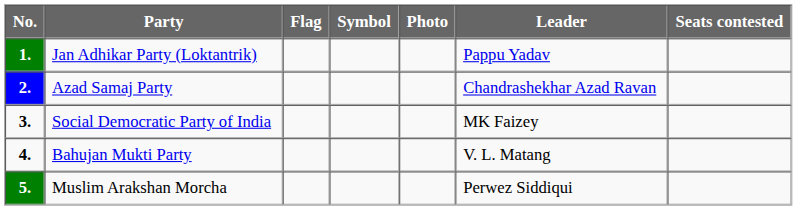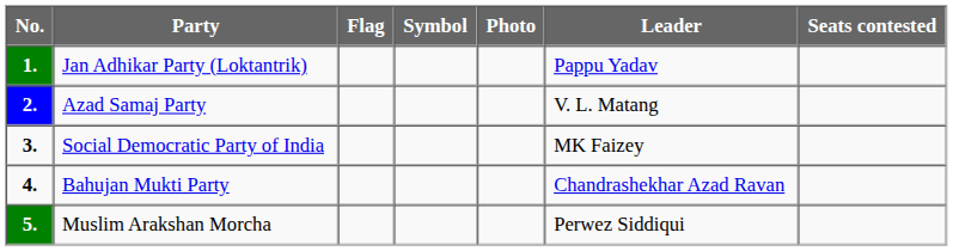 <table class="sortable" width="60%" border="2" cellpadding="6" cellspacing="0" style="margin: 1em 1em 1em 0; background: #f9f9f9; border: 1px #aaa solid;">
 <tr>
 <th style="background-color:#666666; color:white">No.</th>
 <th style="background-color:#666666; color:white">Party</th>
 <th style="background-color:#666666; color:white">Flag</th>
 <th style="background-color:#666666; color:white">Symbol</th>
 <th style="background-color:#666666; color:white">Photo</th>
 <th style="background-color:#666666; color:white">Leader</th>
 <th style="background-color:#666666; color:white">Seats contested</th>
 </tr>
 <tr>
 <td ! style="text-align:center; background:#008000;color:white"><strong>1.</strong></td>
 <td><a href='#'>Jan Adhikar Party (Loktantrik)</a></td>
 <td></td>
 <td></td>
 <td></td>
 <td><a href='#'>Pappu Yadav</a></td>
 <td></td>
 </tr>
 <tr>
 <td ! style="text-align:center; background:Blue;color:white"><strong>2.</strong></td>
 <td><a href='#'>Azad Samaj Party</a></td>
 <td></td>
 <td></td>
 <td></td>
-<td><a href='#'>Chandrashekhar Azad Ravan</a></td>
+<td>V. L. Matang</td>
 <td></td>
 </tr>
 <tr>
 <td ! style="text-align:center; background:"><strong>3.</strong></td>
 <td><a href='#'>Social Democratic Party of India</a></td>
 <td></td>
 <td></td>
 <td></td>
 <td>MK Faizey</td>
 <td></td>
 </tr>
 <tr>
 <td ! style="text-align:center; background:"><strong>4.</strong></td>
 <td><a href='#'>Bahujan Mukti Party</a></td>
 <td></td>
 <td></td>
 <td></td>
-<td>V. L. Matang</td>
+<td><a href='#'>Chandrashekhar Azad Ravan</a></td>
 <td></td>
 </tr>
 <tr>
 <td ! style="text-align:center; background:#008000;color:white"><strong>5.</strong></td>
 <td>Muslim Arakshan Morcha</td>
 <td></td>
 <td></td>
 <td></td>
 <td>Perwez Siddiqui</td>
 <td></td>
 </tr>
 <tr>
 </tr>
 </table>
